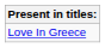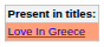 <table class="wikitable">
 <tr>
 <th>Present in titles:</th>
 </tr>
 <tr>
-<td><a href='#'>Love In Greece</a></td>
+<td style="background: lightsalmon;"><a href='#'>Love In Greece</a></td>
 </tr>
 </table>
